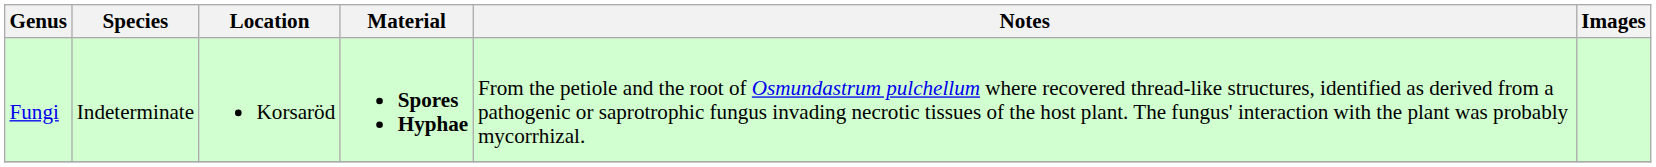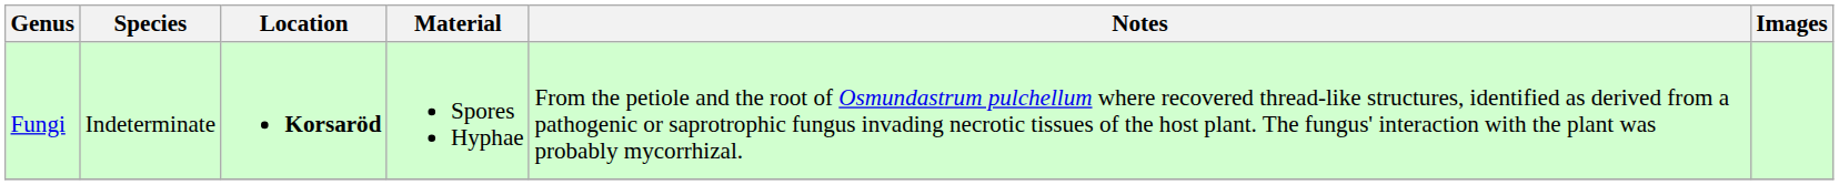 <table class="wikitable sortable">
 <tr>
 <th>Genus</th>
 <th>Species</th>
 <th>Location</th>
 <th>Material</th>
 <th>Notes</th>
 <th>Images</th>
 </tr>
 <tr>
 <td style="background:#D1FFCF;"><br><a href='#'>Fungi</a></td>
 <td style="background:#D1FFCF;"><br>Indeterminate</td>
-<td style="background:#D1FFCF;"><br><ul><li>Korsaröd</li></ul></td>
-<td style="background:#D1FFCF;"><strong><br><ul><li>Spores</li><li>Hyphae</li></ul></strong></td>
+<td style="background:#D1FFCF;"><strong><br><ul><li>Korsaröd</li></ul></strong></td>
+<td style="background:#D1FFCF;"><br><ul><li>Spores</li><li>Hyphae</li></ul></td>
 <td style="background:#D1FFCF;"><br>From the petiole and the root of <a href='#'><em>Osmundastrum pulchellum</em></a> where recovered thread-like structures, identified as derived from a pathogenic or saprotrophic fungus invading necrotic tissues of the host plant. The fungus' interaction with the plant was probably mycorrhizal.</td>
 <td style="background:#D1FFCF;"><br></td>
 </tr>
 <tr>
 </tr>
 </table>
